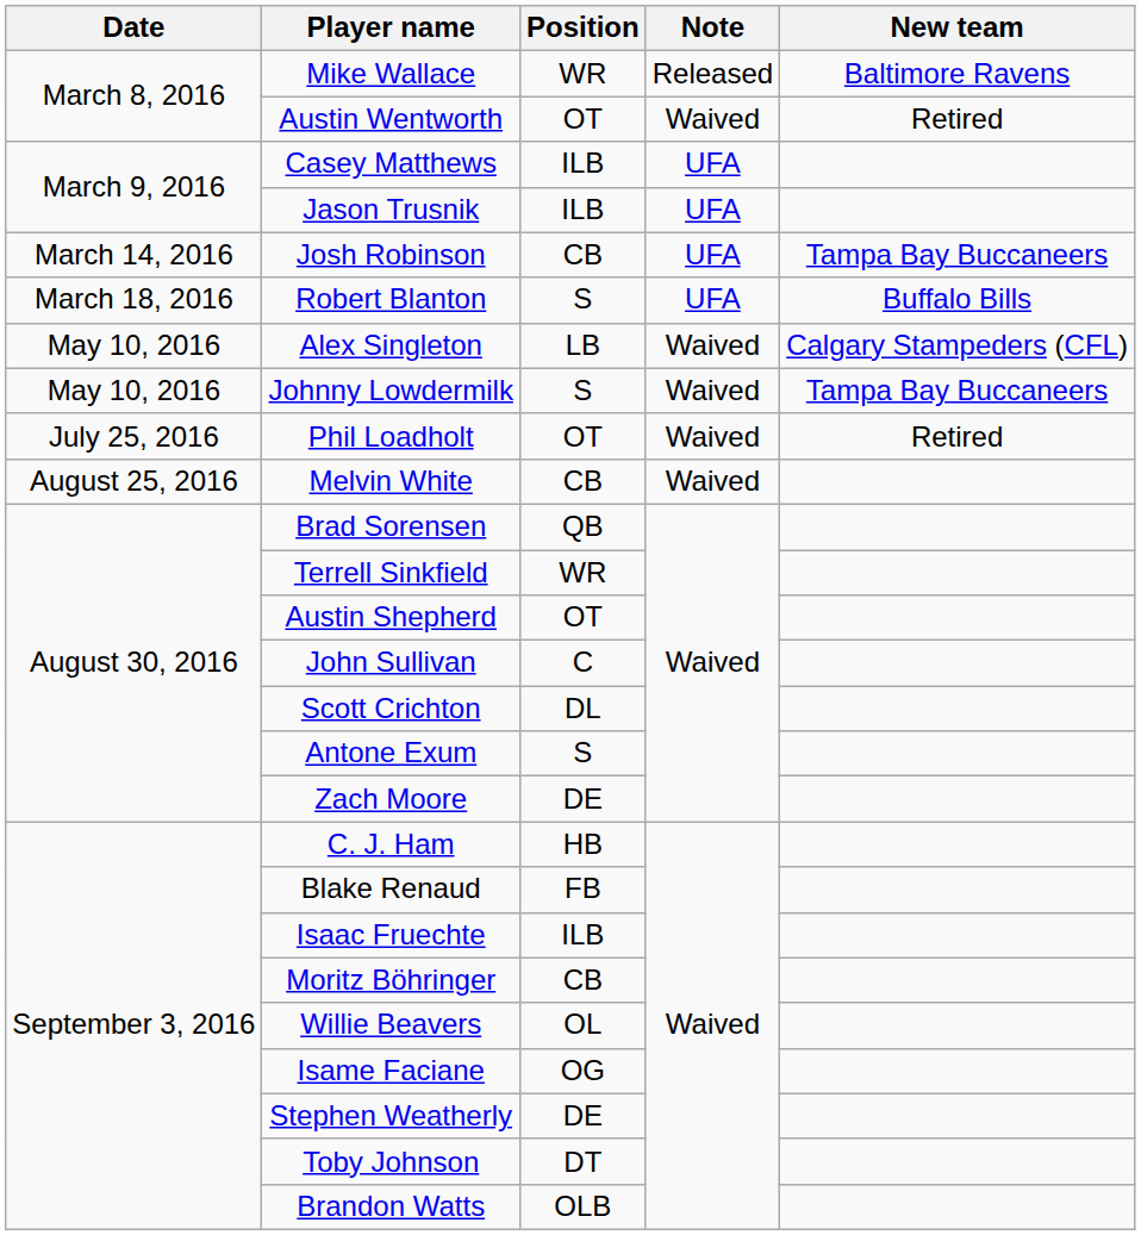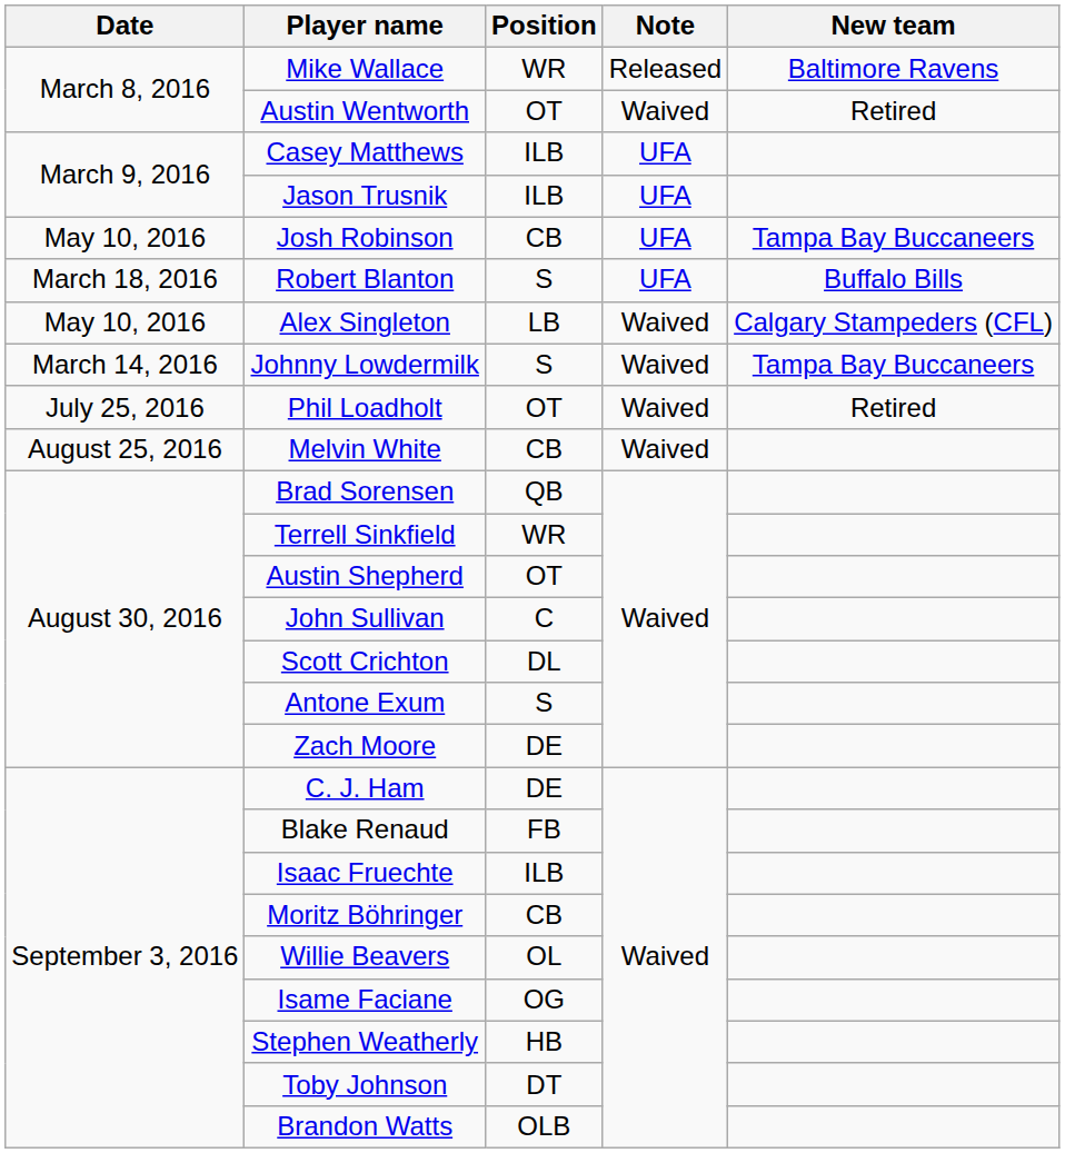 <table class="wikitable" style="text-align:center">
 <tr>
 <th>Date</th>
 <th>Player name</th>
 <th>Position</th>
 <th>Note</th>
 <th>New team</th>
 </tr>
 <tr>
 <td rowspan="2">March 8, 2016</td>
 <td><a href='#'>Mike Wallace</a></td>
 <td>WR</td>
 <td>Released</td>
 <td><a href='#'>Baltimore Ravens</a></td>
 </tr>
 <tr>
 <td><a href='#'>Austin Wentworth</a></td>
 <td>OT</td>
 <td>Waived</td>
 <td>Retired</td>
 </tr>
 <tr>
 <td rowspan="2">March 9, 2016</td>
 <td><a href='#'>Casey Matthews</a></td>
 <td>ILB</td>
 <td><a href='#'>UFA</a></td>
 <td></td>
 </tr>
 <tr>
 <td><a href='#'>Jason Trusnik</a></td>
 <td>ILB</td>
 <td><a href='#'>UFA</a></td>
 <td></td>
 </tr>
 <tr>
-<td>March 14, 2016</td>
+<td>May 10, 2016</td>
 <td><a href='#'>Josh Robinson</a></td>
 <td>CB</td>
 <td><a href='#'>UFA</a></td>
 <td><a href='#'>Tampa Bay Buccaneers</a></td>
 </tr>
 <tr>
 <td>March 18, 2016</td>
 <td><a href='#'>Robert Blanton</a></td>
 <td>S</td>
 <td><a href='#'>UFA</a></td>
 <td><a href='#'>Buffalo Bills</a></td>
 </tr>
 <tr>
 <td>May 10, 2016</td>
 <td><a href='#'>Alex Singleton</a></td>
 <td>LB</td>
 <td>Waived</td>
 <td><a href='#'>Calgary Stampeders</a> (<a href='#'>CFL</a>)</td>
 </tr>
 <tr>
-<td>May 10, 2016</td>
+<td>March 14, 2016</td>
 <td><a href='#'>Johnny Lowdermilk</a></td>
 <td>S</td>
 <td>Waived</td>
 <td><a href='#'>Tampa Bay Buccaneers</a></td>
 </tr>
 <tr>
 <td>July 25, 2016</td>
 <td><a href='#'>Phil Loadholt</a></td>
 <td>OT</td>
 <td>Waived</td>
 <td>Retired</td>
 </tr>
 <tr>
 <td>August 25, 2016</td>
 <td><a href='#'>Melvin White</a></td>
 <td>CB</td>
 <td>Waived</td>
 <td></td>
 </tr>
 <tr>
 <td rowspan="7">August 30, 2016</td>
 <td><a href='#'>Brad Sorensen</a></td>
 <td>QB</td>
 <td rowspan="7">Waived</td>
 <td></td>
 </tr>
 <tr>
 <td><a href='#'>Terrell Sinkfield</a></td>
 <td>WR</td>
 <td></td>
 </tr>
 <tr>
 <td><a href='#'>Austin Shepherd</a></td>
 <td>OT</td>
 <td></td>
 </tr>
 <tr>
 <td><a href='#'>John Sullivan</a></td>
 <td>C</td>
 <td></td>
 </tr>
 <tr>
 <td><a href='#'>Scott Crichton</a></td>
 <td>DL</td>
 <td></td>
 </tr>
 <tr>
 <td><a href='#'>Antone Exum</a></td>
 <td>S</td>
 <td></td>
 </tr>
 <tr>
 <td><a href='#'>Zach Moore</a></td>
 <td>DE</td>
 <td></td>
 </tr>
 <tr>
 <td rowspan="9">September 3, 2016</td>
 <td><a href='#'>C. J. Ham</a></td>
-<td>HB</td>
+<td>DE</td>
 <td rowspan="9">Waived</td>
 <td></td>
 </tr>
 <tr>
 <td>Blake Renaud</td>
 <td>FB</td>
 <td></td>
 </tr>
 <tr>
 <td><a href='#'>Isaac Fruechte</a></td>
 <td>ILB</td>
 <td></td>
 </tr>
 <tr>
 <td><a href='#'>Moritz Böhringer</a></td>
 <td>CB</td>
 <td></td>
 </tr>
 <tr>
 <td><a href='#'>Willie Beavers</a></td>
 <td>OL</td>
 <td></td>
 </tr>
 <tr>
 <td><a href='#'>Isame Faciane</a></td>
 <td>OG</td>
 <td></td>
 </tr>
 <tr>
 <td><a href='#'>Stephen Weatherly</a></td>
-<td>DE</td>
+<td>HB</td>
 <td></td>
 </tr>
 <tr>
 <td><a href='#'>Toby Johnson</a></td>
 <td>DT</td>
 <td></td>
 </tr>
 <tr>
 <td><a href='#'>Brandon Watts</a></td>
 <td>OLB</td>
 <td></td>
 </tr>
 </table>
